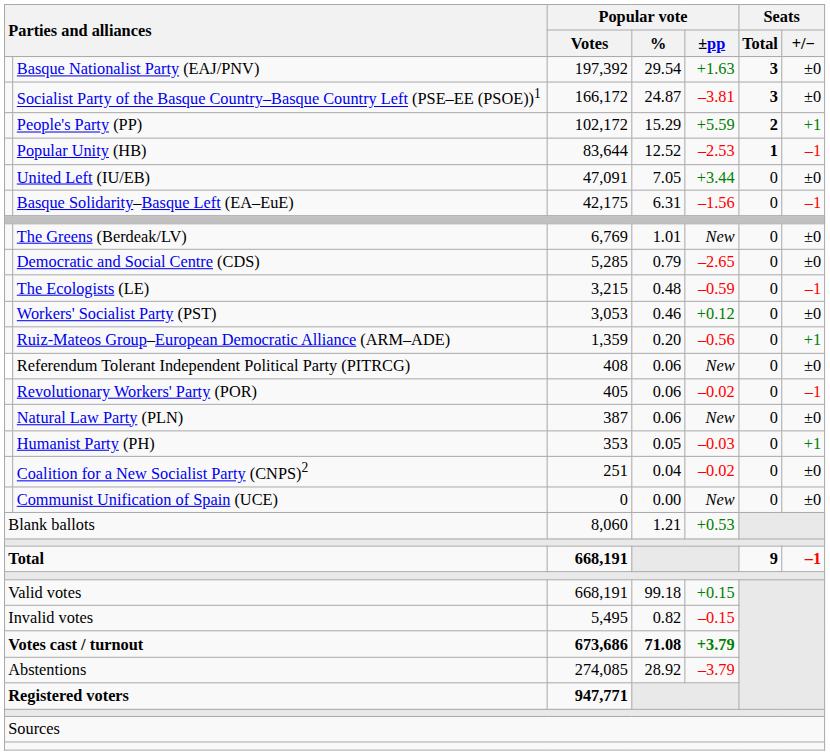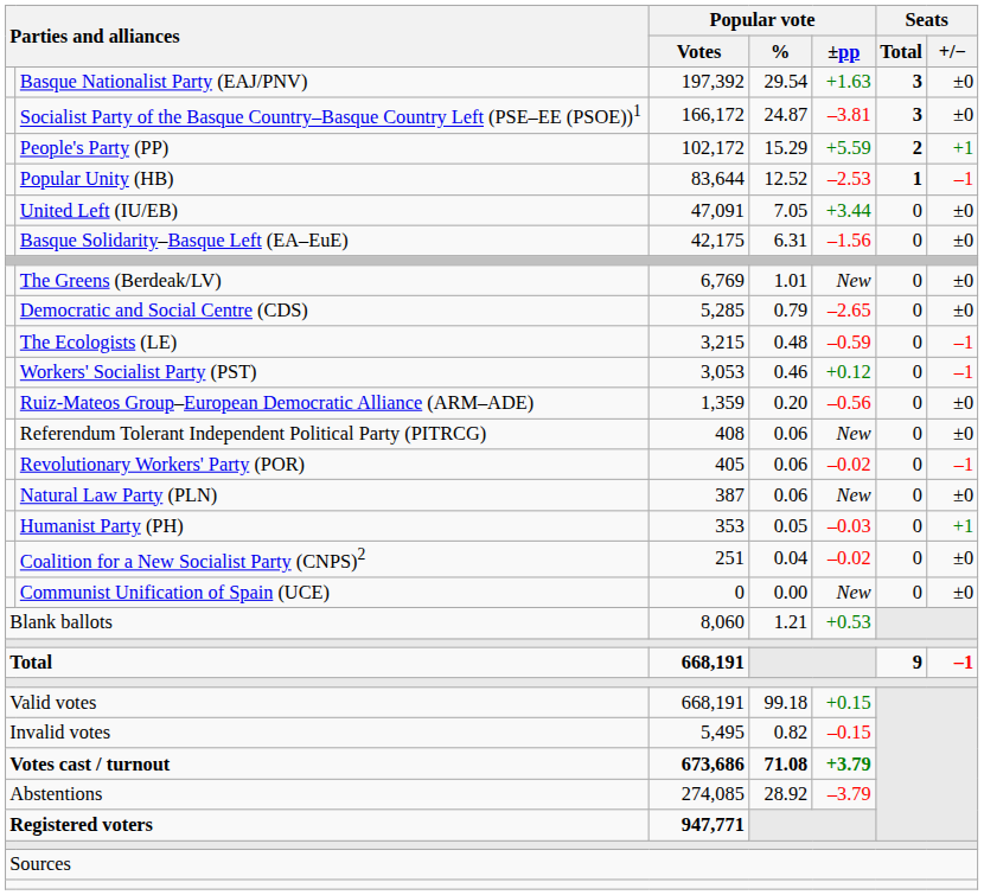 <table class="wikitable" style="text-align:right;">
 <tr>
 <th style="text-align:left;" rowspan="2" colspan="2" width="525">Parties and alliances</th>
 <th colspan="3">Popular vote</th>
 <th colspan="2">Seats</th>
 </tr>
 <tr>
 <th width="75">Votes</th>
 <th width="45">%</th>
 <th width="45">±<a href='#'>pp</a></th>
 <th width="35">Total</th>
 <th width="35">+/−</th>
 </tr>
 <tr>
 <td width="1" style="color:inherit;background:"></td>
 <td align="left"><a href='#'>Basque Nationalist Party</a> (EAJ/PNV)</td>
 <td>197,392</td>
 <td>29.54</td>
 <td style="color:green;">+1.63</td>
 <td><strong>3</strong></td>
 <td>±0</td>
 </tr>
 <tr>
 <td style="color:inherit;background:"></td>
 <td align="left"><a href='#'>Socialist Party of the Basque Country–Basque Country Left</a> (PSE–EE (PSOE))<sup>1</sup></td>
 <td>166,172</td>
 <td>24.87</td>
 <td style="color:red;">–3.81</td>
 <td><strong>3</strong></td>
 <td>±0</td>
 </tr>
 <tr>
 <td style="color:inherit;background:"></td>
 <td align="left"><a href='#'>People's Party</a> (PP)</td>
 <td>102,172</td>
 <td>15.29</td>
 <td style="color:green;">+5.59</td>
 <td><strong>2</strong></td>
 <td style="color:green;">+1</td>
 </tr>
 <tr>
 <td style="color:inherit;background:"></td>
 <td align="left"><a href='#'>Popular Unity</a> (HB)</td>
 <td>83,644</td>
 <td>12.52</td>
 <td style="color:red;">–2.53</td>
 <td><strong>1</strong></td>
 <td style="color:red;">–1</td>
 </tr>
 <tr>
 <td style="color:inherit;background:"></td>
 <td align="left"><a href='#'>United Left</a> (IU/EB)</td>
 <td>47,091</td>
 <td>7.05</td>
 <td style="color:green;">+3.44</td>
 <td>0</td>
 <td>±0</td>
 </tr>
 <tr>
 <td style="color:inherit;background:"></td>
 <td align="left"><a href='#'>Basque Solidarity</a>–<a href='#'>Basque Left</a> (EA–EuE)</td>
 <td>42,175</td>
 <td>6.31</td>
 <td style="color:red;">–1.56</td>
 <td>0</td>
-<td style="color:red;">–1</td>
+<td>±0</td>
 </tr>
 <tr>
 <td colspan="7" bgcolor="#C0C0C0"></td>
 </tr>
 <tr>
 <td style="color:inherit;background:"></td>
 <td align="left"><a href='#'>The Greens</a> (Berdeak/LV)</td>
 <td>6,769</td>
 <td>1.01</td>
 <td><em>New</em></td>
 <td>0</td>
 <td>±0</td>
 </tr>
 <tr>
 <td style="color:inherit;background:"></td>
 <td align="left"><a href='#'>Democratic and Social Centre</a> (CDS)</td>
 <td>5,285</td>
 <td>0.79</td>
 <td style="color:red;">–2.65</td>
 <td>0</td>
 <td>±0</td>
 </tr>
 <tr>
 <td style="color:inherit;background:"></td>
 <td align="left"><a href='#'>The Ecologists</a> (LE)</td>
 <td>3,215</td>
 <td>0.48</td>
 <td style="color:red;">–0.59</td>
 <td>0</td>
 <td style="color:red;">–1</td>
 </tr>
 <tr>
 <td style="color:inherit;background:"></td>
 <td align="left"><a href='#'>Workers' Socialist Party</a> (PST)</td>
 <td>3,053</td>
 <td>0.46</td>
 <td style="color:green;">+0.12</td>
 <td>0</td>
-<td>±0</td>
+<td style="color:red;">–1</td>
 </tr>
 <tr>
 <td style="color:inherit;background:"></td>
 <td align="left"><a href='#'>Ruiz-Mateos Group</a>–<a href='#'>European Democratic Alliance</a> (ARM–ADE)</td>
 <td>1,359</td>
 <td>0.20</td>
 <td style="color:red;">–0.56</td>
 <td>0</td>
-<td style="color:green;">+1</td>
+<td>±0</td>
 </tr>
 <tr>
 <td bgcolor="white"></td>
 <td align="left">Referendum Tolerant Independent Political Party (PITRCG)</td>
 <td>408</td>
 <td>0.06</td>
 <td><em>New</em></td>
 <td>0</td>
 <td>±0</td>
 </tr>
 <tr>
 <td style="color:inherit;background:"></td>
 <td align="left"><a href='#'>Revolutionary Workers' Party</a> (POR)</td>
 <td>405</td>
 <td>0.06</td>
 <td style="color:red;">–0.02</td>
 <td>0</td>
 <td style="color:red;">–1</td>
 </tr>
 <tr>
 <td style="color:inherit;background:"></td>
 <td align="left"><a href='#'>Natural Law Party</a> (PLN)</td>
 <td>387</td>
 <td>0.06</td>
 <td><em>New</em></td>
 <td>0</td>
 <td>±0</td>
 </tr>
 <tr>
 <td style="color:inherit;background:"></td>
 <td align="left"><a href='#'>Humanist Party</a> (PH)</td>
 <td>353</td>
 <td>0.05</td>
 <td style="color:red;">–0.03</td>
 <td>0</td>
 <td style="color:green;">+1</td>
 </tr>
 <tr>
 <td style="color:inherit;background:"></td>
 <td align="left"><a href='#'>Coalition for a New Socialist Party</a> (CNPS)<sup>2</sup></td>
 <td>251</td>
 <td>0.04</td>
 <td style="color:red;">–0.02</td>
 <td>0</td>
 <td>±0</td>
 </tr>
 <tr>
 <td style="color:inherit;background:"></td>
 <td align="left"><a href='#'>Communist Unification of Spain</a> (UCE)</td>
 <td>0</td>
 <td>0.00</td>
 <td><em>New</em></td>
 <td>0</td>
 <td>±0</td>
 </tr>
 <tr>
 <td align="left" colspan="2">Blank ballots</td>
 <td>8,060</td>
 <td>1.21</td>
 <td style="color:green;">+0.53</td>
 <td bgcolor="#E9E9E9" colspan="2"></td>
 </tr>
 <tr>
 <td colspan="7" bgcolor="#E9E9E9"></td>
 </tr>
 <tr style="font-weight:bold;">
 <td align="left" colspan="2">Total</td>
 <td>668,191</td>
 <td bgcolor="#E9E9E9" colspan="2"></td>
 <td>9</td>
 <td style="color:red;">–1</td>
 </tr>
 <tr>
 <td colspan="7" bgcolor="#E9E9E9"></td>
 </tr>
 <tr>
 <td align="left" colspan="2">Valid votes</td>
 <td>668,191</td>
 <td>99.18</td>
 <td style="color:green;">+0.15</td>
 <td bgcolor="#E9E9E9" colspan="2" rowspan="5"></td>
 </tr>
 <tr>
 <td align="left" colspan="2">Invalid votes</td>
 <td>5,495</td>
 <td>0.82</td>
 <td style="color:red;">–0.15</td>
 </tr>
 <tr style="font-weight:bold;">
 <td align="left" colspan="2">Votes cast / turnout</td>
 <td>673,686</td>
 <td>71.08</td>
 <td style="color:green;">+3.79</td>
 </tr>
 <tr>
 <td align="left" colspan="2">Abstentions</td>
 <td>274,085</td>
 <td>28.92</td>
 <td style="color:red;">–3.79</td>
 </tr>
 <tr style="font-weight:bold;">
 <td align="left" colspan="2">Registered voters</td>
 <td>947,771</td>
 <td bgcolor="#E9E9E9" colspan="2"></td>
 </tr>
 <tr>
 <td colspan="7" bgcolor="#E9E9E9"></td>
 </tr>
 <tr>
 <td align="left" colspan="7">Sources</td>
 </tr>
 <tr>
 <td colspan="7" style="text-align:left; max-width:790px;"></td>
 </tr>
 </table>
